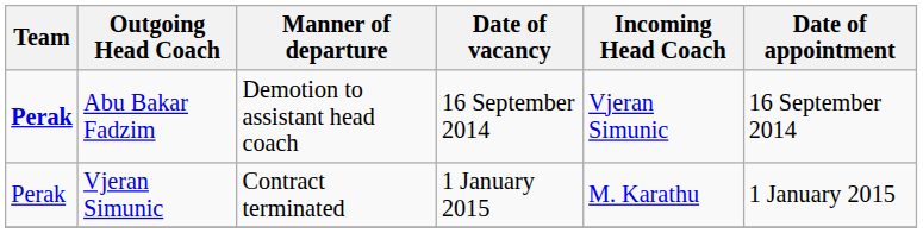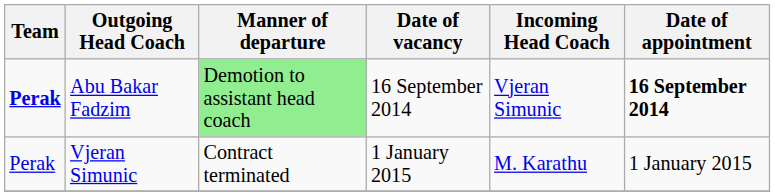 <table class="wikitable">
 <tr>
 <th>Team</th>
 <th>Outgoing Head Coach</th>
 <th>Manner of departure</th>
 <th>Date of vacancy</th>
 <th>Incoming Head Coach</th>
 <th>Date of appointment</th>
 </tr>
 <tr>
 <td><strong><a href='#'>Perak</a></strong></td>
 <td> <a href='#'>Abu Bakar Fadzim</a></td>
-<td>Demotion to assistant head coach</td>
+<td style="background: lightgreen;">Demotion to assistant head coach</td>
 <td>16 September 2014</td>
 <td> <a href='#'>Vjeran Simunic</a></td>
-<td>16 September 2014</td>
+<td><strong>16 September 2014</strong></td>
 </tr>
 <tr>
 <td><a href='#'>Perak</a></td>
 <td> <a href='#'>Vjeran Simunic</a></td>
 <td>Contract terminated</td>
 <td>1 January 2015</td>
 <td> <a href='#'>M. Karathu</a></td>
 <td>1 January 2015</td>
 </tr>
 <tr>
 </tr>
 </table>
